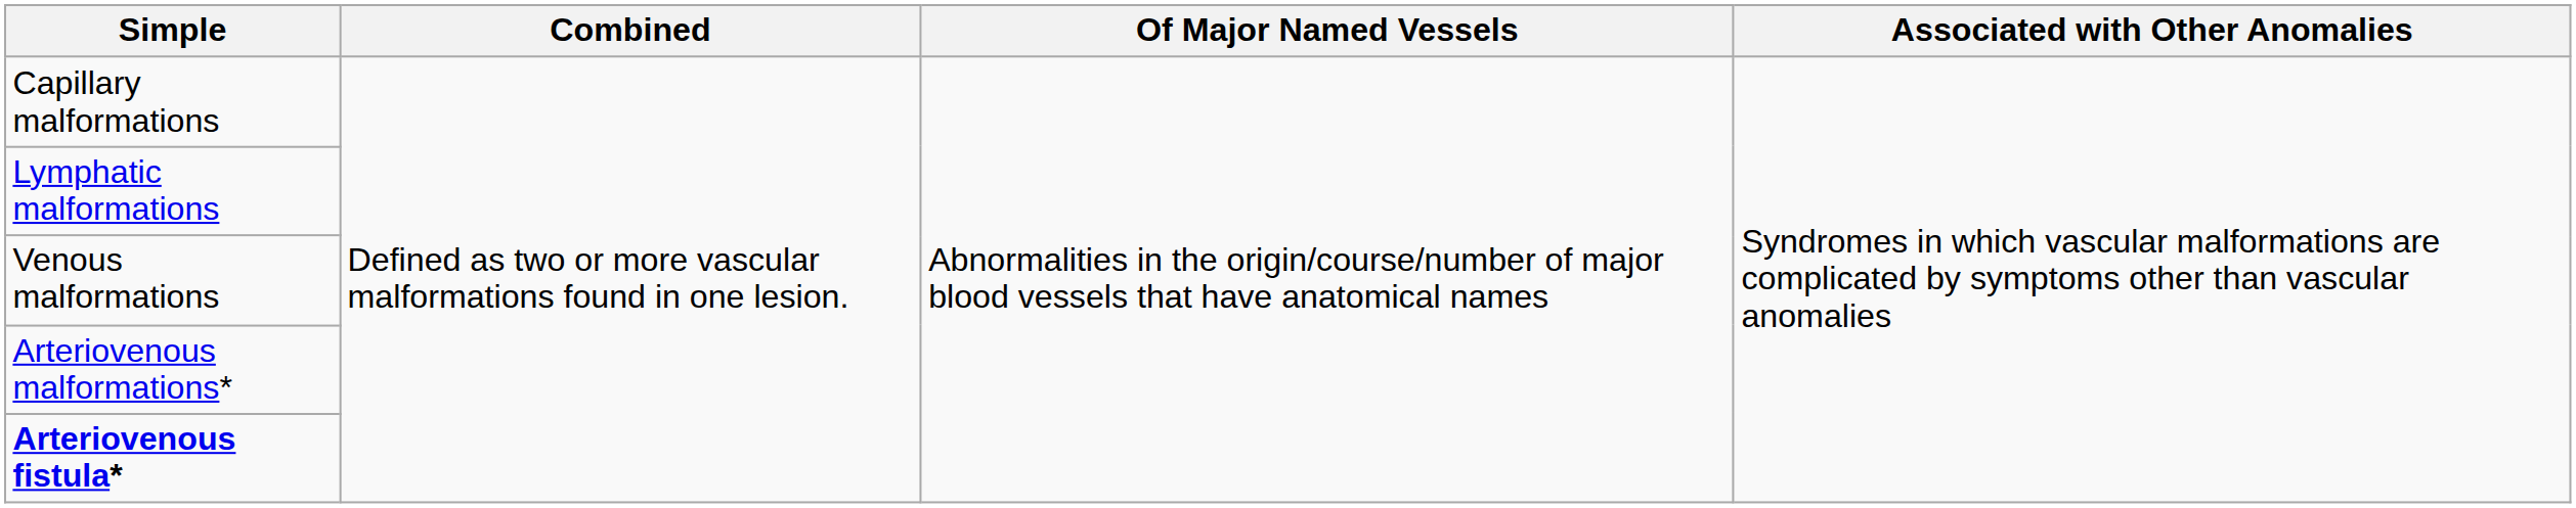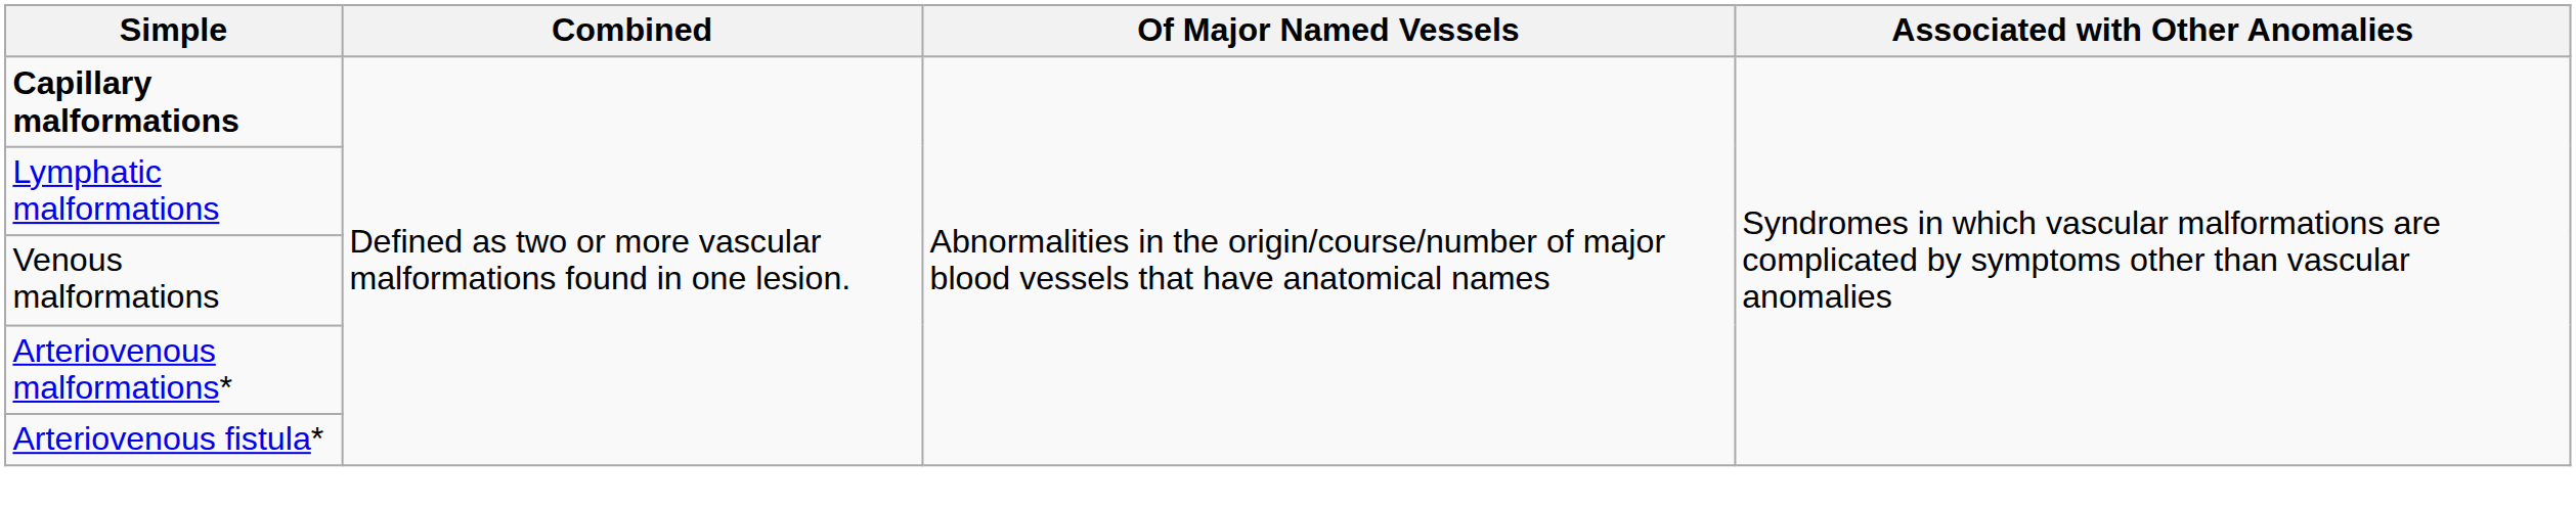 <table class="wikitable">
 <tr>
 <th>Simple</th>
 <th>Combined</th>
 <th>Of Major Named Vessels</th>
 <th>Associated with Other Anomalies</th>
 </tr>
 <tr>
-<td>Capillary malformations</td>
+<td><strong>Capillary malformations</strong></td>
 <td rowspan="5">Defined as two or more vascular malformations found in one lesion.</td>
 <td rowspan="5">Abnormalities in the origin/course/number of major blood vessels that have anatomical names</td>
 <td rowspan="5">Syndromes in which vascular malformations are complicated by symptoms other than vascular anomalies</td>
 </tr>
 <tr>
 <td><a href='#'>Lymphatic malformations</a></td>
 </tr>
 <tr>
 <td>Venous malformations</td>
 </tr>
 <tr>
 <td><a href='#'>Arteriovenous malformations</a>*</td>
 </tr>
 <tr>
-<td><strong><a href='#'>Arteriovenous fistula</a>*</strong></td>
+<td><a href='#'>Arteriovenous fistula</a>*</td>
 </tr>
 </table>
